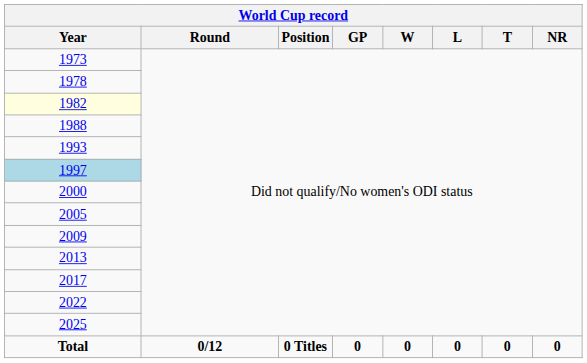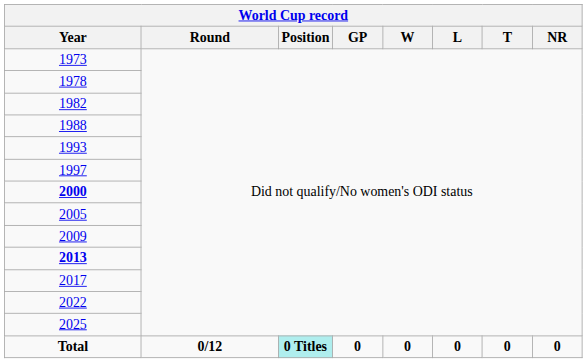 <table class="wikitable" style="text-align: center;">
 <tr>
 <th colspan=8><a href='#'>World Cup record</a></th>
 </tr>
 <tr>
 <th width=150>Year</th>
 <th width=150>Round</th>
 <th width=50>Position</th>
 <th width=50>GP</th>
 <th width=50>W</th>
 <th width=50>L</th>
 <th width=50>T</th>
 <th width=50>NR</th>
 </tr>
 <tr>
 <td> <a href='#'>1973</a></td>
 <td colspan=7  rowspan=13>Did not qualify/No women's ODI status</td>
 </tr>
 <tr>
 <td> <a href='#'>1978</a></td>
 </tr>
 <tr>
-<td style="background: lightyellow;"> <a href='#'>1982</a></td>
+<td> <a href='#'>1982</a></td>
 </tr>
 <tr>
 <td> <a href='#'>1988</a></td>
 </tr>
 <tr>
 <td> <a href='#'>1993</a></td>
 </tr>
 <tr>
-<td style="background: lightblue;"> <a href='#'>1997</a></td>
+<td> <a href='#'>1997</a></td>
 </tr>
 <tr>
-<td> <a href='#'>2000</a></td>
+<td><strong> <a href='#'>2000</a></strong></td>
 </tr>
 <tr>
 <td> <a href='#'>2005</a></td>
 </tr>
 <tr>
 <td> <a href='#'>2009</a></td>
 </tr>
 <tr>
-<td> <a href='#'>2013</a></td>
+<td><strong> <a href='#'>2013</a></strong></td>
 </tr>
 <tr>
 <td> <a href='#'>2017</a></td>
 </tr>
 <tr>
 <td> <a href='#'>2022</a></td>
 </tr>
 <tr>
 <td> <a href='#'>2025</a></td>
 </tr>
 <tr>
 <td><strong>Total</strong></td>
 <td><strong>0/12</strong></td>
-<td><strong>0 Titles</strong></td>
+<td style="background: paleturquoise;"><strong>0 Titles</strong></td>
 <td><strong>0</strong></td>
 <td><strong>0</strong></td>
 <td><strong>0</strong></td>
 <td><strong>0</strong></td>
 <td><strong>0</strong></td>
 </tr>
 </table>
